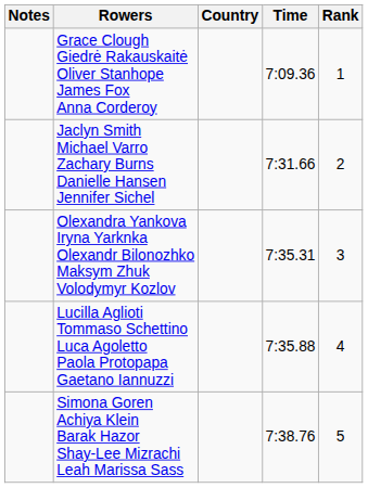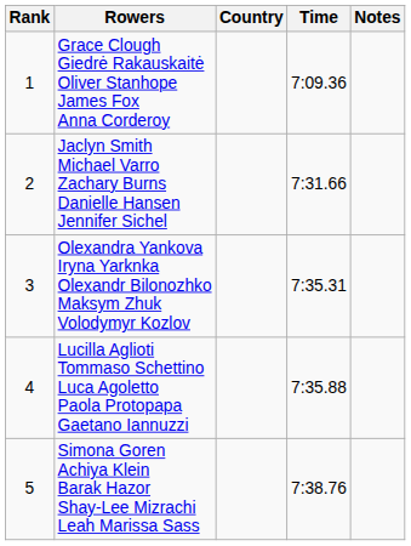 <table class="wikitable" style="text-align:center">
 <tr>
-<th>Notes</th>
+<th>Rank</th>
 <th>Rowers</th>
 <th>Country</th>
 <th>Time</th>
-<th>Rank</th>
+<th>Notes</th>
 </tr>
 <tr>
-<td><strong></strong></td>
+<td>1</td>
 <td align="left"><a href='#'>Grace Clough</a><br><a href='#'>Giedrė Rakauskaitė</a><br><a href='#'>Oliver Stanhope</a><br><a href='#'>James Fox</a><br><a href='#'>Anna Corderoy</a></td>
 <td align="left"></td>
 <td>7:09.36</td>
-<td>1</td>
+<td><strong></strong></td>
 </tr>
 <tr>
-<td></td>
+<td>2</td>
 <td align="left"><a href='#'>Jaclyn Smith</a><br><a href='#'>Michael Varro</a><br><a href='#'>Zachary Burns</a><br><a href='#'>Danielle Hansen</a><br><a href='#'>Jennifer Sichel</a></td>
 <td align="left"></td>
 <td>7:31.66</td>
-<td>2</td>
+<td></td>
 </tr>
 <tr>
-<td></td>
+<td>3</td>
 <td align="left"><a href='#'>Olexandra Yankova</a><br><a href='#'>Iryna Yarknka</a><br><a href='#'>Olexandr Bilonozhko</a><br><a href='#'>Maksym Zhuk</a><br><a href='#'>Volodymyr Kozlov</a></td>
 <td align="left"></td>
 <td>7:35.31</td>
-<td>3</td>
+<td></td>
 </tr>
 <tr>
-<td></td>
+<td>4</td>
 <td align="left"><a href='#'>Lucilla Aglioti</a><br><a href='#'>Tommaso Schettino</a><br><a href='#'>Luca Agoletto</a><br><a href='#'>Paola Protopapa</a><br><a href='#'>Gaetano Iannuzzi</a></td>
 <td align="left"></td>
 <td>7:35.88</td>
-<td>4</td>
+<td></td>
 </tr>
 <tr>
-<td></td>
+<td>5</td>
 <td align="left"><a href='#'>Simona Goren</a><br><a href='#'>Achiya Klein</a><br><a href='#'>Barak Hazor</a><br><a href='#'>Shay-Lee Mizrachi</a><br><a href='#'>Leah Marissa Sass</a></td>
 <td align="left"></td>
 <td>7:38.76</td>
-<td>5</td>
+<td></td>
 </tr>
 </table>
